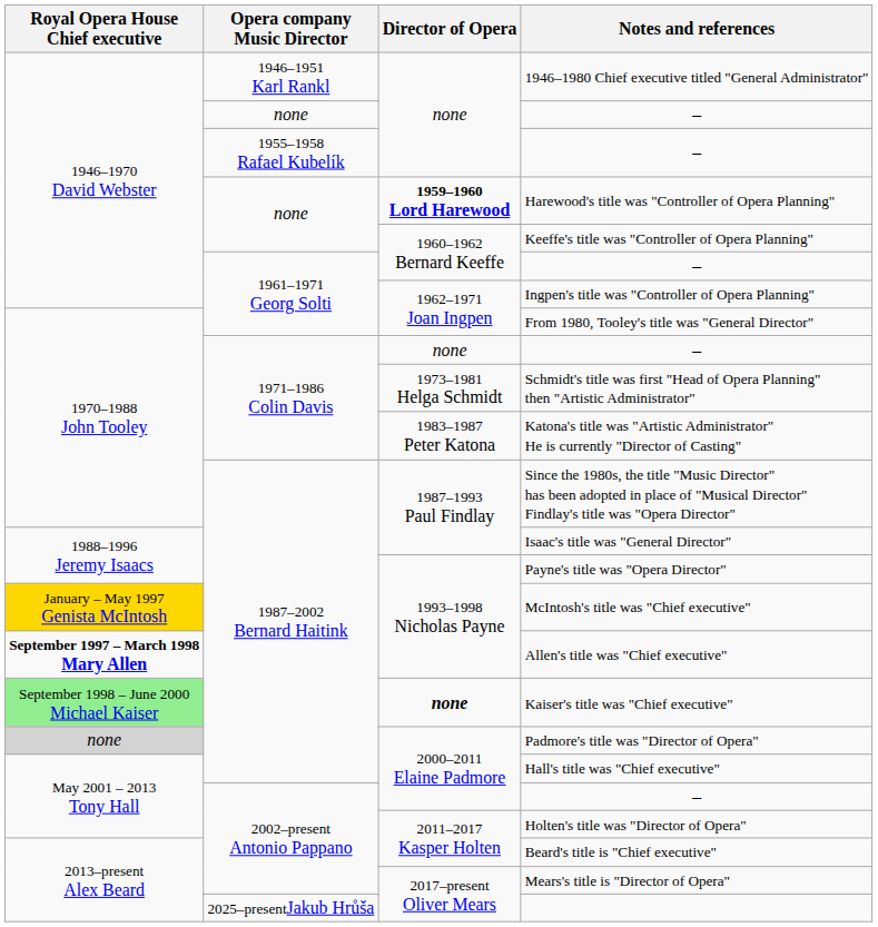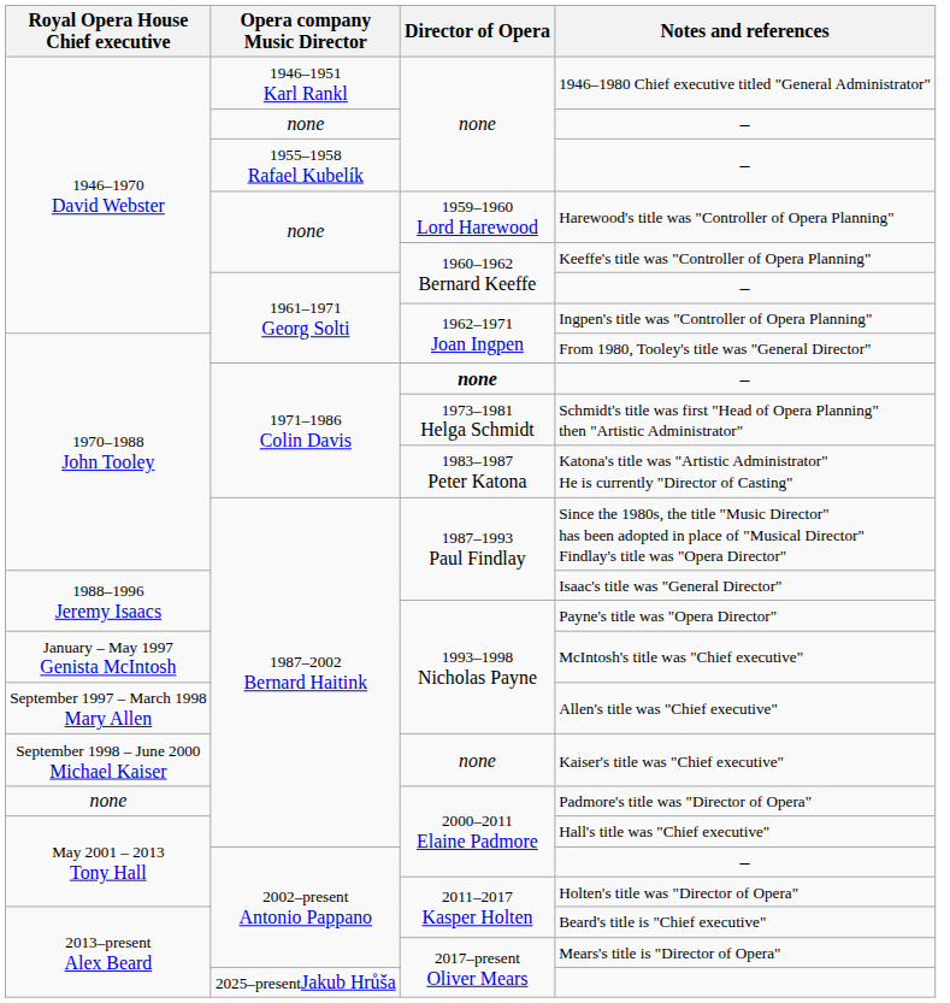 <table class="wikitable" style="text-align: center;">
 <tr>
 <th>Royal Opera House<br>Chief executive</th>
 <th>Opera company<br>Music Director</th>
 <th>Director of Opera</th>
 <th>Notes and references</th>
 </tr>
 <tr>
 <td rowspan="7"><small>1946–1970</small><br><a href='#'>David Webster</a></td>
 <td><small>1946–1951</small><br><a href='#'>Karl Rankl</a></td>
 <td rowspan="3"><em>none</em></td>
 <td style="text-align: left;"><small>1946–1980 Chief executive titled "General Administrator"</small></td>
 </tr>
 <tr>
 <td><em>none</em></td>
 <td>–</td>
 </tr>
 <tr>
 <td><small>1955–1958</small><br><a href='#'>Rafael Kubelík</a></td>
 <td>–</td>
 </tr>
 <tr>
 <td rowspan="2" style="text-align: center;"><em>none</em></td>
-<td><strong><small>1959–1960</small><br><a href='#'>Lord Harewood</a></strong></td>
+<td><small>1959–1960</small><br><a href='#'>Lord Harewood</a></td>
 <td style="text-align: left;"><small>Harewood's title was "Controller of Opera Planning"</small></td>
 </tr>
 <tr>
 <td rowspan="2"><small>1960–1962</small><br>Bernard Keeffe</td>
 <td style="text-align: left;"><small>Keeffe's title was "Controller of Opera Planning"</small></td>
 </tr>
 <tr>
 <td rowspan="3"><small>1961–1971</small><br><a href='#'>Georg Solti</a></td>
 <td>–</td>
 </tr>
 <tr>
 <td rowspan="2"><small>1962–1971</small><br><a href='#'>Joan Ingpen</a></td>
 <td style="text-align: left;"><small>Ingpen's title was "Controller of Opera Planning"</small></td>
 </tr>
 <tr>
 <td rowspan="5"><small>1970–1988</small><br><a href='#'>John Tooley</a></td>
 <td style="text-align: left;"><small>From 1980, Tooley's title was "General Director"</small></td>
 </tr>
 <tr>
 <td rowspan="3"><small>1971–1986</small><br><a href='#'>Colin Davis</a></td>
-<td><em>none</em></td>
+<td><strong><em>none</em></strong></td>
 <td>–</td>
 </tr>
 <tr>
 <td><small>1973–1981</small><br>Helga Schmidt</td>
 <td style="text-align: left;"><small>Schmidt's title was first "Head of Opera Planning"<br>then "Artistic Administrator"</small></td>
 </tr>
 <tr>
 <td><small>1983–1987</small><br>Peter Katona</td>
 <td style="text-align: left;"><small>Katona's title was "Artistic Administrator"<br>He is currently "Director of Casting"</small></td>
 </tr>
 <tr>
 <td rowspan="8"><small>1987–2002</small><br><a href='#'>Bernard Haitink</a></td>
 <td rowspan="2"><small>1987–1993</small><br>Paul Findlay</td>
 <td style="text-align: left;"><small>Since the 1980s, the title "Music Director"<br>has been adopted in place of "Musical Director"<br>Findlay's title was "Opera Director"</small></td>
 </tr>
 <tr>
 <td rowspan="2"><small>1988–1996</small><br><a href='#'>Jeremy Isaacs</a></td>
 <td style="text-align: left;"><small>Isaac's title was "General Director"</small></td>
 </tr>
 <tr>
 <td rowspan="3"><small>1993–1998</small><br>Nicholas Payne</td>
 <td style="text-align: left;"><small>Payne's title was "Opera Director"</small></td>
 </tr>
 <tr>
-<td style="background: gold;"><small>January – May 1997</small><br><a href='#'>Genista McIntosh</a></td>
+<td><small>January – May 1997</small><br><a href='#'>Genista McIntosh</a></td>
 <td style="text-align: left;"><small>McIntosh's title was "Chief executive"</small></td>
 </tr>
 <tr>
-<td><strong><small>September 1997 – March 1998</small><br><a href='#'>Mary Allen</a></strong></td>
+<td><small>September 1997 – March 1998</small><br><a href='#'>Mary Allen</a></td>
 <td style="text-align: left;"><small>Allen's title was "Chief executive"</small></td>
 </tr>
 <tr>
-<td style="background: lightgreen;"><small>September 1998 – June 2000</small><br><a href='#'>Michael Kaiser</a></td>
-<td><strong><em>none</em></strong></td>
+<td><small>September 1998 – June 2000</small><br><a href='#'>Michael Kaiser</a></td>
+<td><em>none</em></td>
 <td style="text-align: left;"><small>Kaiser's title was "Chief executive"</small></td>
 </tr>
 <tr>
-<td style="background: lightgrey;"><em>none</em></td>
+<td><em>none</em></td>
 <td rowspan="3"><small>2000–2011</small><br><a href='#'>Elaine Padmore</a></td>
 <td style="text-align: left;"><small>Padmore's title was "Director of Opera"</small></td>
 </tr>
 <tr>
 <td rowspan="3"><small>May 2001 – 2013</small><br><a href='#'>Tony Hall</a></td>
 <td style="text-align: left;"><small>Hall's title was "Chief executive"</small></td>
 </tr>
 <tr>
 <td rowspan="5"><small>2002–present</small><br><a href='#'>Antonio Pappano</a></td>
 <td>–</td>
 </tr>
 <tr>
 <td rowspan="2"><small>2011–2017</small><br><a href='#'>Kasper Holten</a></td>
 <td style="text-align: left;"><small>Holten's title was "Director of Opera"</small></td>
 </tr>
 <tr>
 <td rowspan="4"><small>2013–present </small><br><a href='#'>Alex Beard</a></td>
 <td style="text-align: left;"><small>Beard's title is "Chief executive"</small></td>
 </tr>
 <tr>
 <td rowspan="3"><small>2017–present</small><br><a href='#'>Oliver Mears</a></td>
 <td style="text-align: left;"><small>Mears's title is "Director of Opera"</small></td>
 </tr>
 <tr>
 <td rowspan="2"></td>
 </tr>
 <tr>
 <td><small>2025–present</small><a href='#'>Jakub Hrůša</a></td>
 </tr>
 </table>
